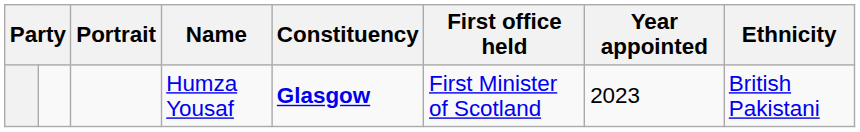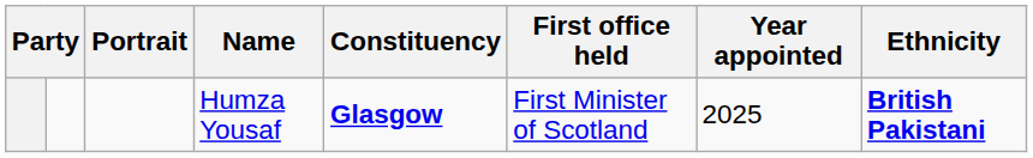 <table class="wikitable sortable">
 <tr>
 <th colspan=2>Party</th>
 <th>Portrait</th>
 <th>Name</th>
 <th>Constituency</th>
 <th>First office held</th>
 <th>Year appointed</th>
 <th>Ethnicity</th>
 </tr>
 <tr>
 <th style="background-color: "></th>
 <td></td>
 <td></td>
 <td><a href='#'>Humza Yousaf</a></td>
 <td><strong><a href='#'>Glasgow</a></strong></td>
 <td><a href='#'>First Minister of Scotland</a></td>
-<td>2023</td>
-<td><a href='#'>British Pakistani</a></td>
+<td>2025</td>
+<td><strong><a href='#'>British Pakistani</a></strong></td>
 </tr>
 </table>
